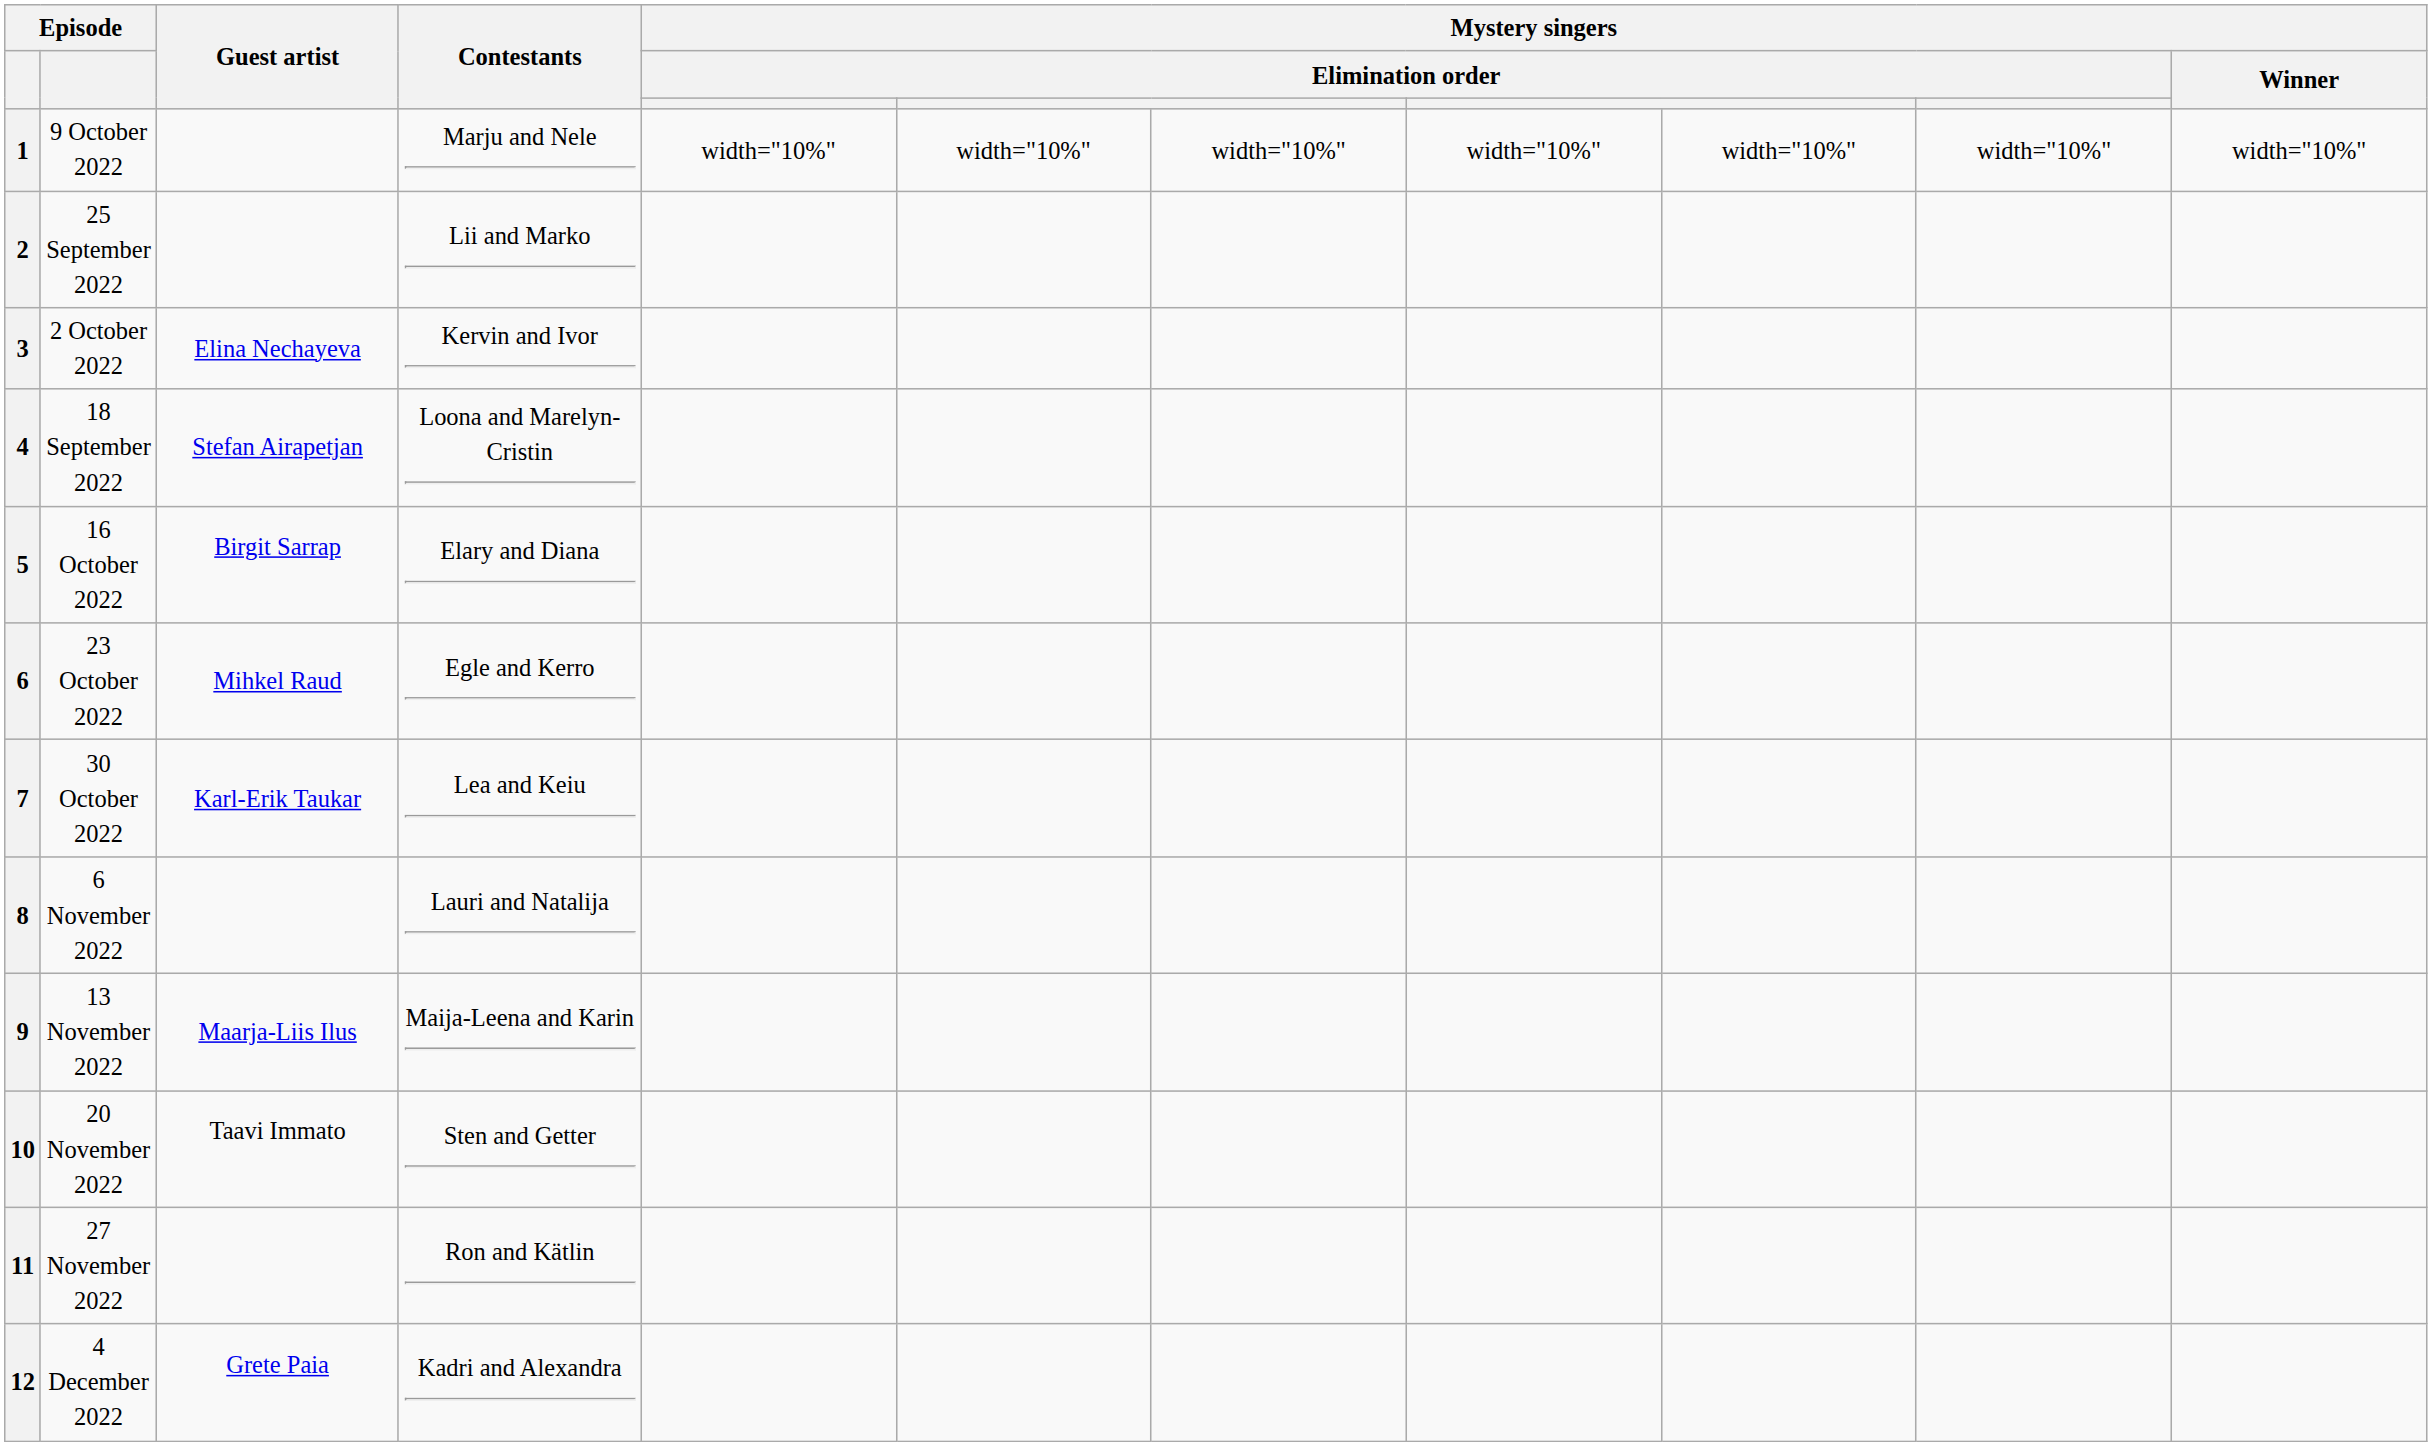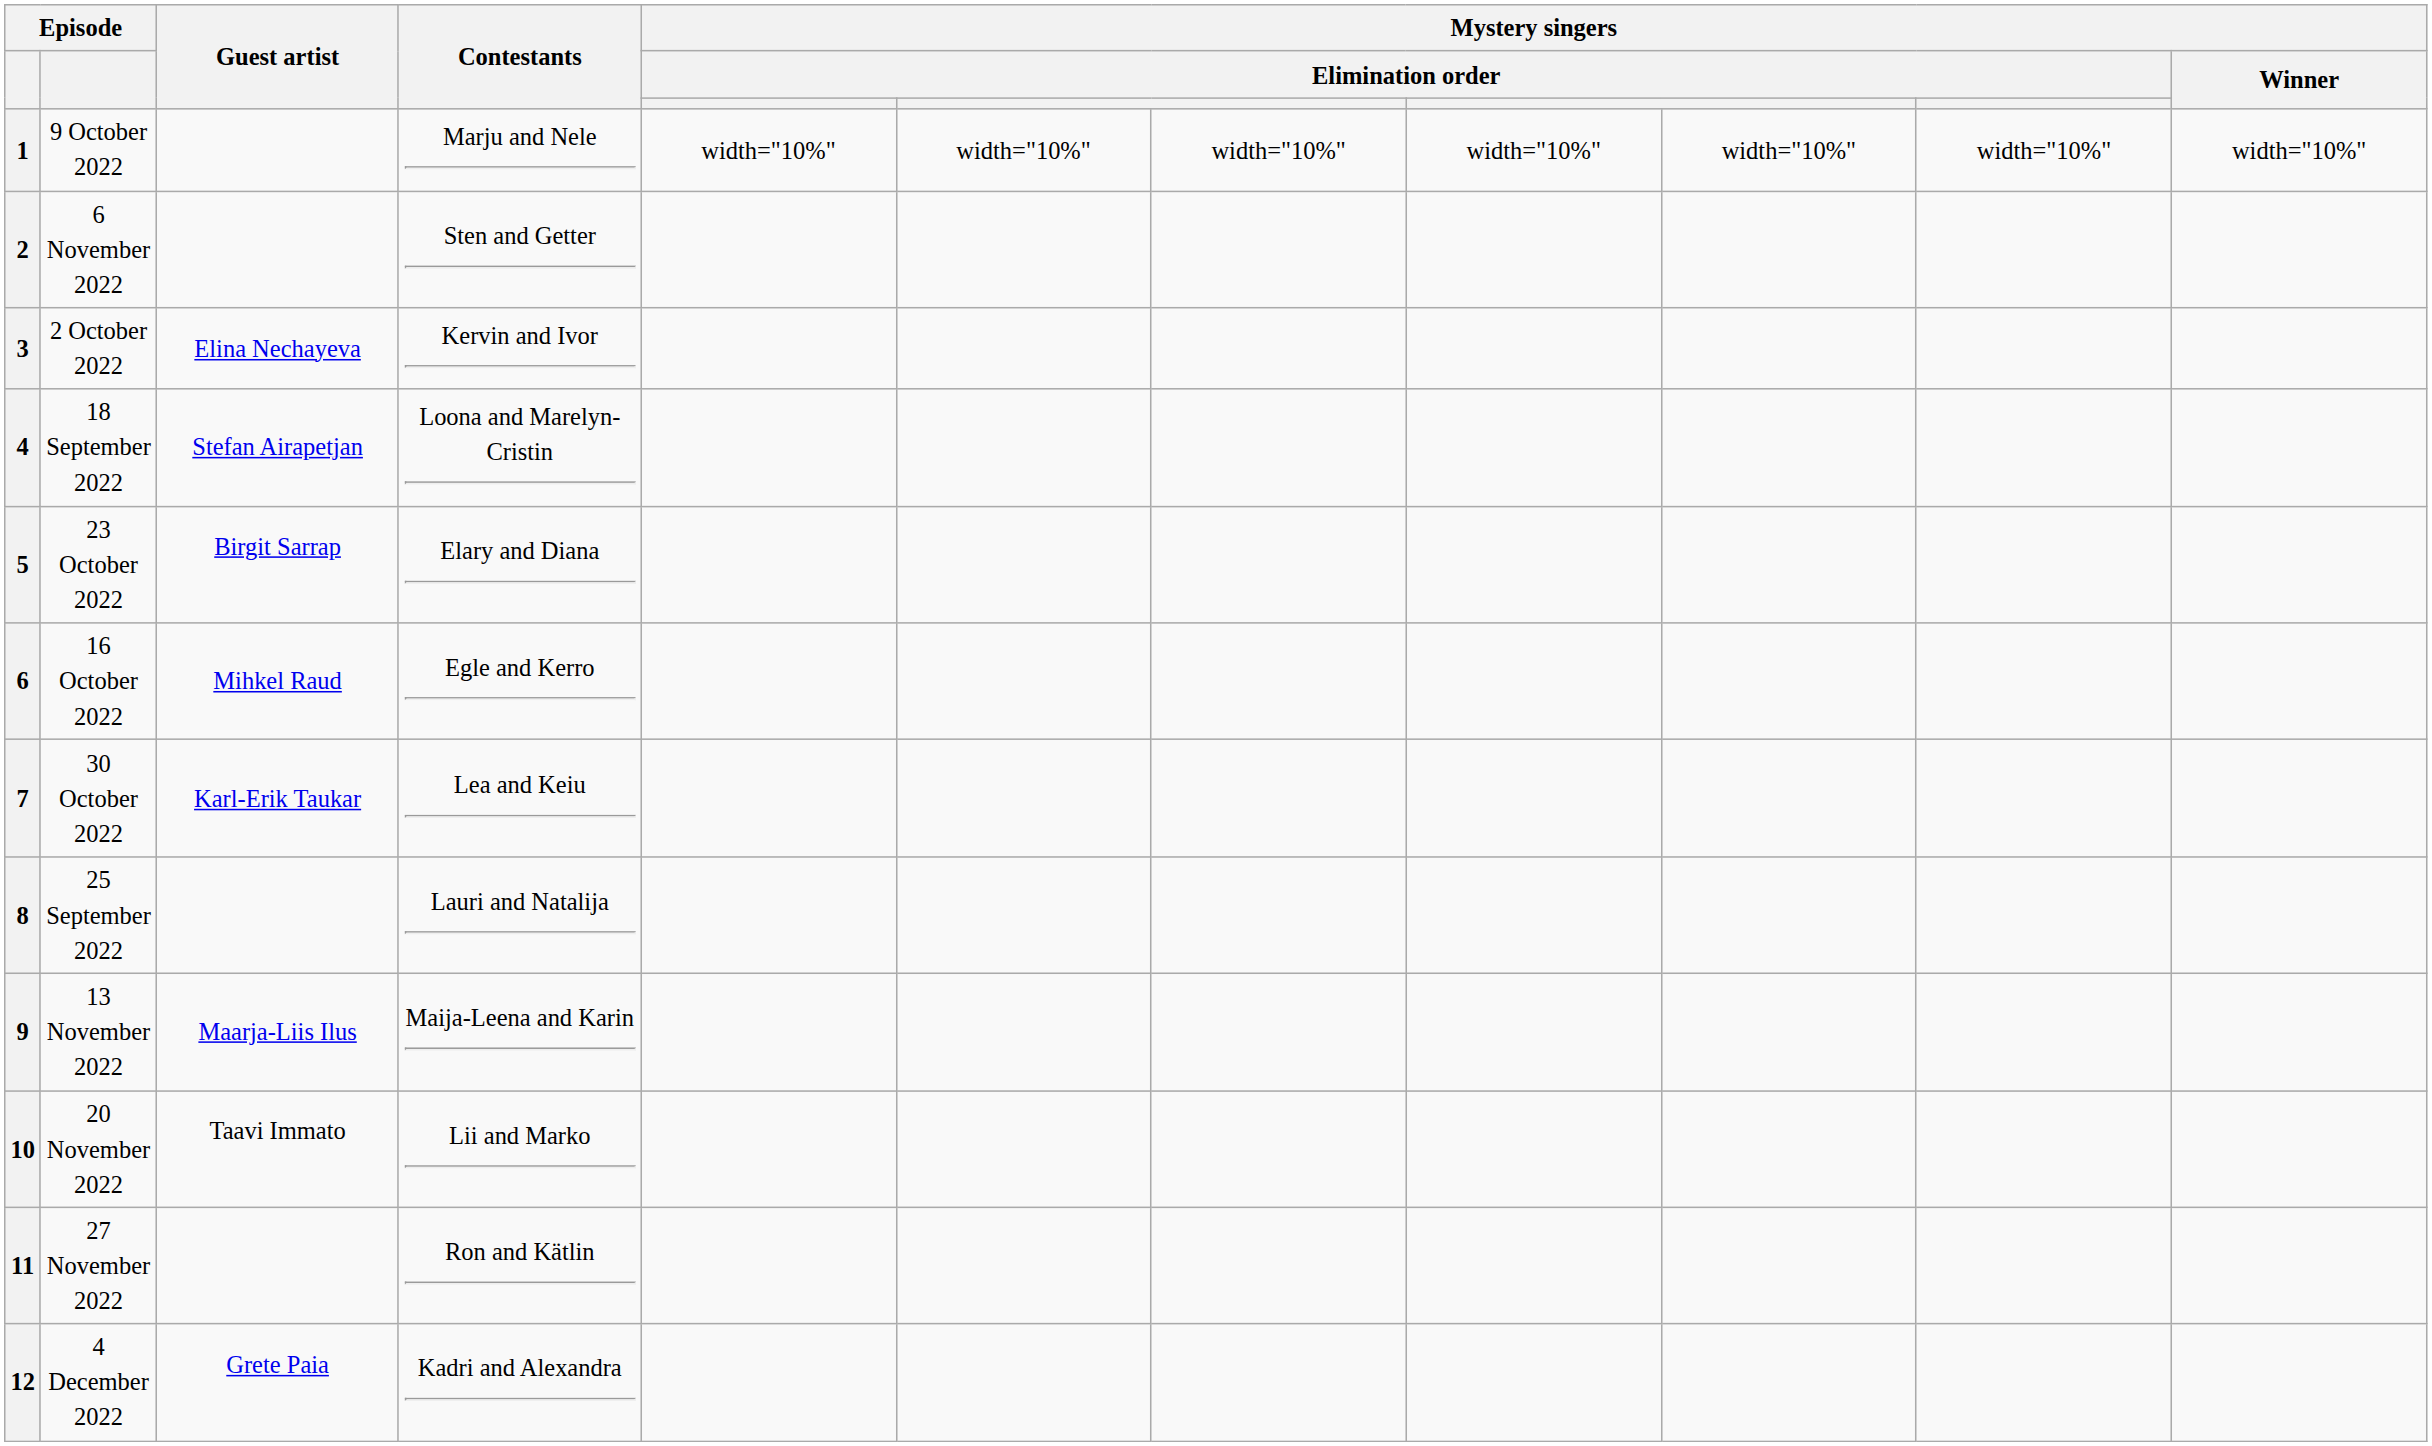 <table class="wikitable plainrowheaders mw-collapsible" style="text-align:center; line-height:23px; width:100%;">
 <tr>
 <th colspan="2" width="1%">Episode</th>
 <th rowspan="3" width="10%">Guest artist</th>
 <th rowspan="3" width="10%">Contestants</th>
 <th colspan="7">Mystery singers<br></th>
 </tr>
 <tr>
 <th rowspan="2"></th>
 <th rowspan="2"></th>
 <th colspan="6">Elimination order</th>
 <th rowspan="2">Winner</th>
 </tr>
 <tr>
 <th></th>
 <th colspan="2"></th>
 <th colspan="2"></th>
 <th></th>
 </tr>
 <tr>
 <th>1</th>
 <td>9 October 2022</td>
 <td></td>
 <td>Marju and Nele<hr></td>
 <td>width="10%" </td>
 <td>width="10%" </td>
 <td>width="10%" </td>
 <td>width="10%" </td>
 <td>width="10%" </td>
 <td>width="10%" </td>
 <td>width="10%" </td>
 </tr>
 <tr>
 <th>2</th>
-<td>25 September 2022</td>
+<td>6 November 2022</td>
 <td><br></td>
-<td>Lii and Marko<hr></td>
+<td>Sten and Getter<hr></td>
 <td></td>
 <td></td>
 <td></td>
 <td></td>
 <td></td>
 <td></td>
 <td></td>
 </tr>
 <tr>
 <th>3</th>
 <td>2 October 2022</td>
 <td><a href='#'>Elina Nechayeva</a><br></td>
 <td>Kervin and Ivor<hr></td>
 <td></td>
 <td></td>
 <td></td>
 <td></td>
 <td></td>
 <td></td>
 <td></td>
 </tr>
 <tr>
 <th>4</th>
 <td>18 September 2022</td>
 <td><a href='#'>Stefan Airapetjan</a><br></td>
 <td>Loona and Marelyn-Cristin<hr></td>
 <td></td>
 <td></td>
 <td></td>
 <td></td>
 <td></td>
 <td></td>
 <td></td>
 </tr>
 <tr>
 <th>5</th>
-<td>16 October 2022</td>
+<td>23 October 2022</td>
 <td><a href='#'>Birgit Sarrap</a><br><br></td>
 <td>Elary and Diana<hr></td>
 <td></td>
 <td></td>
 <td></td>
 <td></td>
 <td></td>
 <td></td>
 <td></td>
 </tr>
 <tr>
 <th>6</th>
-<td>23 October 2022</td>
+<td>16 October 2022</td>
 <td><a href='#'>Mihkel Raud</a><br></td>
 <td>Egle and Kerro<hr></td>
 <td></td>
 <td></td>
 <td></td>
 <td></td>
 <td></td>
 <td></td>
 <td></td>
 </tr>
 <tr>
 <th>7</th>
 <td>30 October 2022</td>
 <td><a href='#'>Karl-Erik Taukar</a><br></td>
 <td>Lea and Keiu<hr></td>
 <td></td>
 <td></td>
 <td></td>
 <td></td>
 <td></td>
 <td></td>
 <td></td>
 </tr>
 <tr>
 <th>8</th>
-<td>6 November 2022</td>
+<td>25 September 2022</td>
 <td><br><br></td>
 <td>Lauri and Natalija<hr></td>
 <td></td>
 <td></td>
 <td></td>
 <td></td>
 <td></td>
 <td></td>
 <td></td>
 </tr>
 <tr>
 <th>9</th>
 <td>13 November 2022</td>
 <td><a href='#'>Maarja-Liis Ilus</a><br></td>
 <td>Maija-Leena and Karin<hr></td>
 <td></td>
 <td></td>
 <td></td>
 <td></td>
 <td></td>
 <td></td>
 <td></td>
 </tr>
 <tr>
 <th>10</th>
 <td>20 November 2022</td>
 <td>Taavi Immato<br><br></td>
-<td>Sten and Getter<hr></td>
+<td>Lii and Marko<hr></td>
 <td></td>
 <td></td>
 <td></td>
 <td></td>
 <td></td>
 <td></td>
 <td></td>
 </tr>
 <tr>
 <th>11</th>
 <td>27 November 2022</td>
 <td><br></td>
 <td>Ron and Kätlin<hr></td>
 <td></td>
 <td></td>
 <td></td>
 <td></td>
 <td></td>
 <td></td>
 <td></td>
 </tr>
 <tr>
 <th>12</th>
 <td>4 December 2022</td>
 <td><a href='#'>Grete Paia</a><br><br></td>
 <td>Kadri and Alexandra<hr></td>
 <td></td>
 <td></td>
 <td></td>
 <td></td>
 <td></td>
 <td></td>
 <td></td>
 </tr>
 </table>
